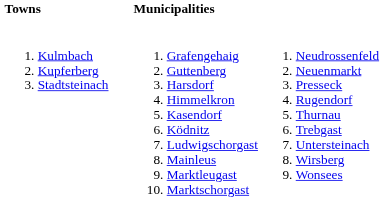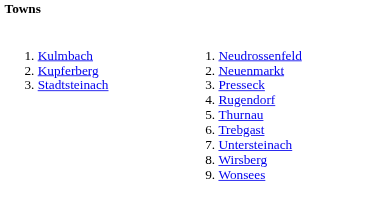 <table>
 <tr>
 <th align=left width=33%>Towns</th>
-<th align=left width=33%>Municipalities</th>
 <th align=left width=33%></th>
 </tr>
 <tr valign=top>
 <td><br><ol><li><a href='#'>Kulmbach</a></li><li><a href='#'>Kupferberg</a></li><li><a href='#'>Stadtsteinach</a></li></ol></td>
-<td><br><ol><li><a href='#'>Grafengehaig</a></li><li><a href='#'>Guttenberg</a></li><li><a href='#'>Harsdorf</a></li><li><a href='#'>Himmelkron</a></li><li><a href='#'>Kasendorf</a></li><li><a href='#'>Ködnitz</a></li><li><a href='#'>Ludwigschorgast</a></li><li><a href='#'>Mainleus</a></li><li><a href='#'>Marktleugast</a></li><li><a href='#'>Marktschorgast</a></li></ol></td>
 <td><br><ol> <li><a href='#'>Neudrossenfeld</a> <li><a href='#'>Neuenmarkt</a> <li><a href='#'>Presseck</a> <li><a href='#'>Rugendorf</a> <li><a href='#'>Thurnau</a> <li><a href='#'>Trebgast</a> <li><a href='#'>Untersteinach</a> <li><a href='#'>Wirsberg</a> <li><a href='#'>Wonsees</a> </ol></td>
 </tr>
 </table>
